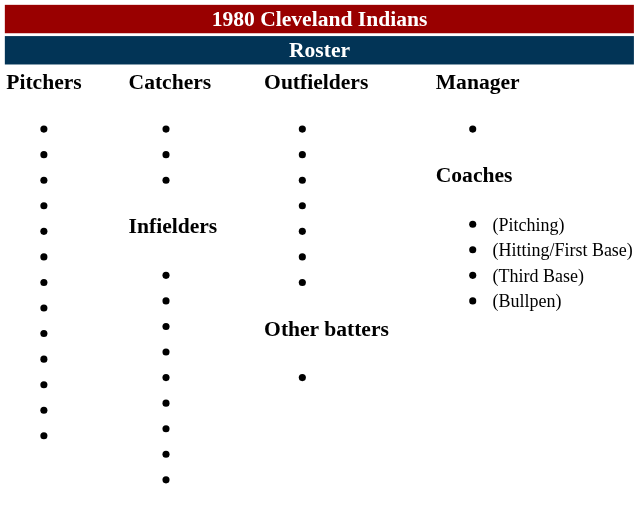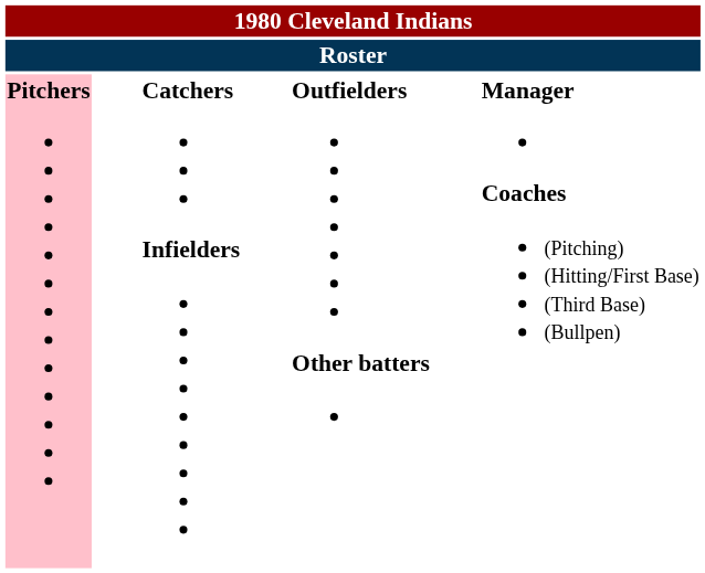 <table class="toccolours" style="font-size: 95%;">
 <tr>
 <th colspan="10" style="background-color: #990000; color: white; text-align: center;">1980 Cleveland Indians</th>
 </tr>
 <tr>
 <td colspan="10" style="background-color: #023456; color: white; text-align: center;"><strong>Roster</strong></td>
 </tr>
 <tr>
-<td valign="top"><strong>Pitchers</strong><br><ul><li></li><li></li><li></li><li></li><li></li><li></li><li></li><li></li><li></li><li></li><li></li><li></li><li></li></ul></td>
+<td valign="top" style="background: pink;"><strong>Pitchers</strong><br><ul><li></li><li></li><li></li><li></li><li></li><li></li><li></li><li></li><li></li><li></li><li></li><li></li><li></li></ul></td>
 <td width="25px"></td>
 <td valign="top"><strong>Catchers</strong><br><ul><li></li><li></li><li></li></ul><strong>Infielders</strong><ul><li></li><li></li><li></li><li></li><li></li><li></li><li></li><li></li><li></li></ul></td>
 <td width="25px"></td>
 <td valign="top"><strong>Outfielders</strong><br><ul><li></li><li></li><li></li><li></li><li></li><li></li><li></li></ul><strong>Other batters</strong><ul><li></li></ul></td>
 <td width="25px"></td>
 <td valign="top"><strong>Manager</strong><br><ul><li></li></ul><strong>Coaches</strong><ul><li> <small>(Pitching)</small></li><li> <small>(Hitting/First Base)</small></li><li><small>(Third Base)</small></li><li><small>(Bullpen)</small></li></ul></td>
 </tr>
 </table>
